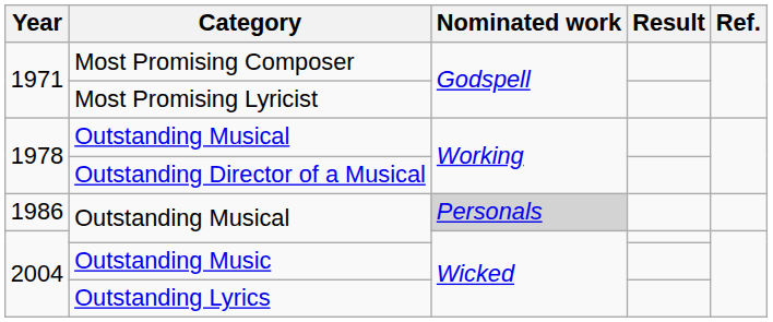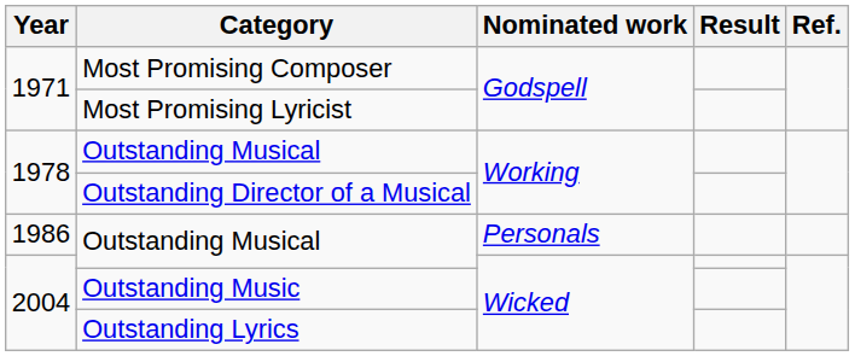 <table class="wikitable">
 <tr>
 <th>Year</th>
 <th>Category</th>
 <th>Nominated work</th>
 <th>Result</th>
 <th>Ref.</th>
 </tr>
 <tr>
 <td rowspan="2">1971</td>
 <td>Most Promising Composer</td>
 <td rowspan="2"><em><a href='#'>Godspell</a></em></td>
 <td></td>
 <td align="center" rowspan="2"></td>
 </tr>
 <tr>
 <td>Most Promising Lyricist</td>
 <td></td>
 </tr>
 <tr>
 <td rowspan="2">1978</td>
 <td><a href='#'>Outstanding Musical</a></td>
 <td rowspan="2"><em><a href='#'>Working</a></em></td>
 <td></td>
 <td align="center" rowspan="2"></td>
 </tr>
 <tr>
 <td><a href='#'>Outstanding Director of a Musical</a></td>
 <td></td>
 </tr>
 <tr>
 <td>1986</td>
 <td rowspan="2">Outstanding Musical</td>
-<td style="background: lightgrey;"><em><a href='#'>Personals</a></em></td>
+<td><em><a href='#'>Personals</a></em></td>
 <td></td>
 <td align="center"></td>
 </tr>
 <tr>
 <td rowspan="3">2004</td>
 <td rowspan="3"><em><a href='#'>Wicked</a></em></td>
 <td></td>
 <td align="center" rowspan="3"></td>
 </tr>
 <tr>
 <td><a href='#'>Outstanding Music</a></td>
 <td></td>
 </tr>
 <tr>
 <td><a href='#'>Outstanding Lyrics</a></td>
 <td></td>
 </tr>
 </table>
